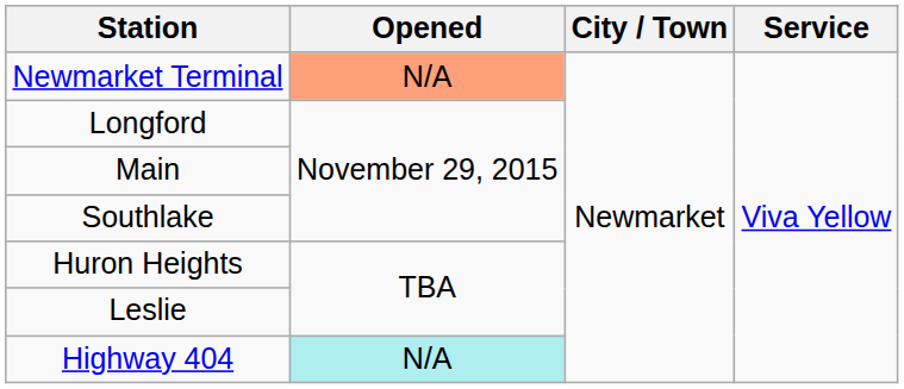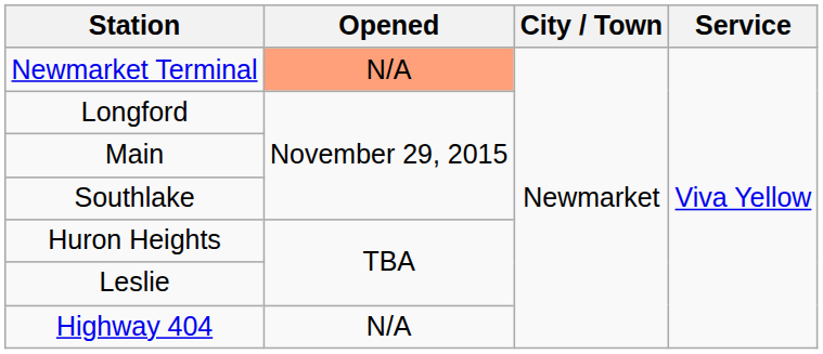 <table class="wikitable" style="text-align:center">
 <tr>
 <th>Station</th>
 <th>Opened</th>
 <th>City / Town</th>
 <th>Service</th>
 </tr>
 <tr>
 <td><a href='#'>Newmarket Terminal</a></td>
 <td style="background: lightsalmon;">N/A</td>
 <td rowspan="7">Newmarket</td>
 <td rowspan="7"><a href='#'>Viva Yellow</a></td>
 </tr>
 <tr>
 <td>Longford</td>
 <td rowspan="3">November 29, 2015</td>
 </tr>
 <tr>
 <td>Main</td>
 </tr>
 <tr>
 <td>Southlake</td>
 </tr>
 <tr>
 <td>Huron Heights</td>
 <td rowspan="2">TBA</td>
 </tr>
 <tr>
 <td>Leslie</td>
 </tr>
 <tr>
 <td><a href='#'>Highway 404</a></td>
-<td style="background: paleturquoise;">N/A</td>
+<td>N/A</td>
 </tr>
 </table>
